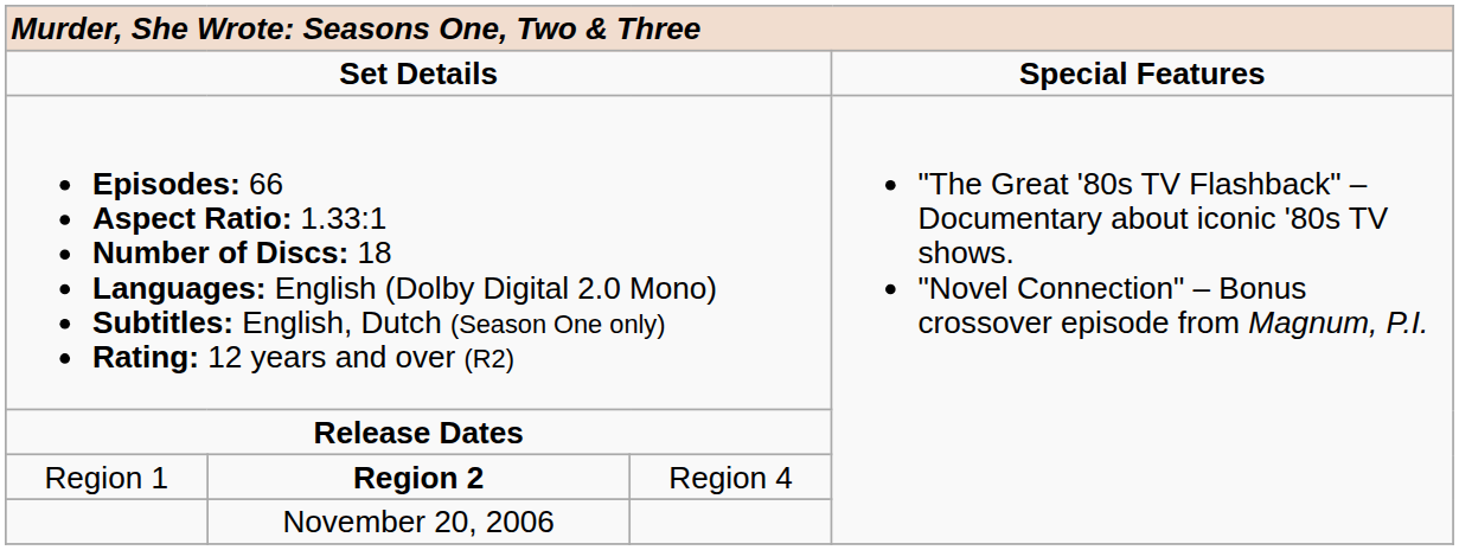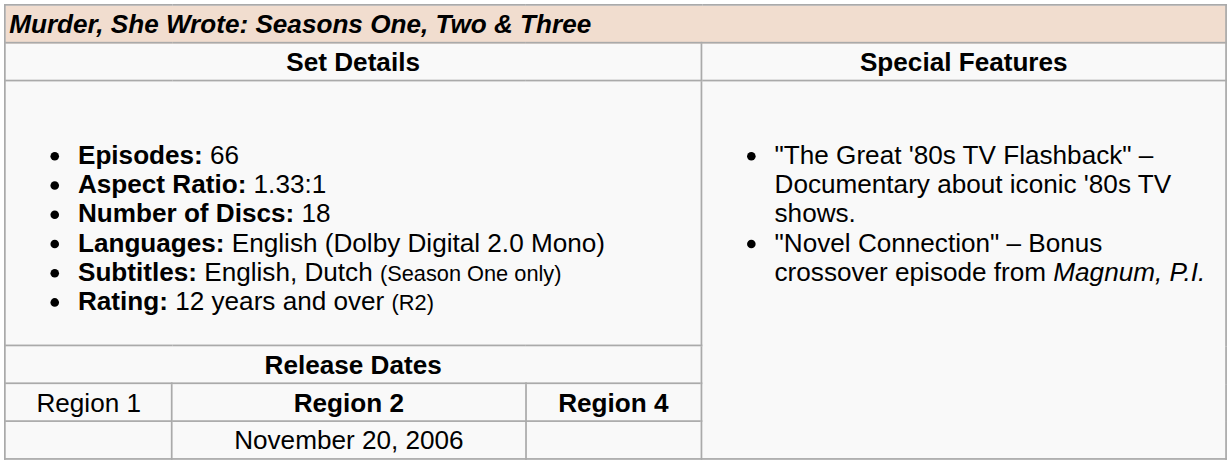 <table border="2" cellpadding="2" cellspacing="0" style="margin: 0 1em 0 0; background: #f9f9f9; border: 1px #aaa solid; border-collapse: collapse; font-size: 95%;">
 <tr style="background:#F1DDCF">
 <td colspan="5"><strong><em>Murder, She Wrote: Seasons One, Two & Three</em></strong></td>
 </tr>
 <tr valign="top">
 <td align="center" width="400" colspan="3"><strong>Set Details</strong></td>
 <td width="300" align="center"><strong>Special Features</strong></td>
 </tr>
 <tr valign="top">
 <td colspan="3" align="left" width="400"><br><ul><li><strong>Episodes:</strong> 66</li><li><strong>Aspect Ratio:</strong> 1.33:1</li><li><strong>Number of Discs:</strong> 18</li><li><strong>Languages:</strong> English (Dolby Digital 2.0 Mono)</li><li><strong>Subtitles:</strong> English, Dutch <small>(Season One only)</small></li><li><strong>Rating:</strong> 12 years and over <small>(R2)</small></li></ul></td>
 <td rowspan="4" align="left" width="300"><br><ul><li>"The Great '80s TV Flashback" – Documentary about iconic '80s TV shows.</li><li>"Novel Connection" – Bonus crossover episode from <em>Magnum, P.I.</em></li></ul></td>
 </tr>
 <tr>
 <td colspan="3" align="center"><strong>Release Dates</strong></td>
 </tr>
 <tr>
 <td align="center">Region 1</td>
 <td align="center"><strong>Region 2</strong></td>
-<td align="center">Region 4</td>
+<td align="center"><strong>Region 4</strong></td>
 </tr>
 <tr>
 <td></td>
 <td align="center">November 20, 2006</td>
 <td></td>
 </tr>
 </table>
